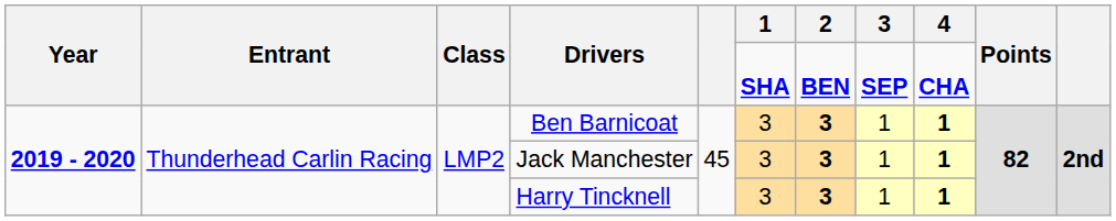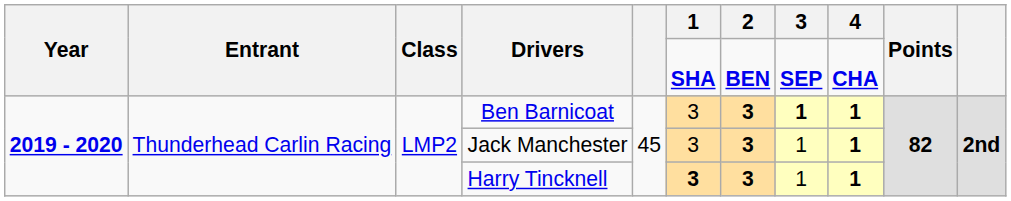 <table class="wikitable" style="text-align:center; font-size:90%">
 <tr>
 <th rowspan="2">Year</th>
 <th rowspan="2">Entrant</th>
 <th rowspan="2">Class</th>
 <th rowspan="2">Drivers</th>
 <th rowspan="2"></th>
 <th>1</th>
 <th>2</th>
 <th>3</th>
 <th>4</th>
 <th rowspan="2">Points</th>
 <th rowspan="2"></th>
 </tr>
 <tr>
 <td><strong></strong><br><strong><a href='#'>SHA</a></strong></td>
 <td><strong></strong><br><strong><a href='#'>BEN</a></strong></td>
 <td><strong></strong><br><strong><a href='#'>SEP</a></strong></td>
 <td><strong></strong><br><strong><a href='#'>CHA</a></strong></td>
 </tr>
 <tr>
 <td rowspan="3"><a href='#'><strong>2019 - 2020</strong></a></td>
 <td rowspan="3"> <a href='#'>Thunderhead Carlin Racing</a></td>
 <td rowspan="3"><a href='#'>LMP2</a></td>
 <td> <a href='#'>Ben Barnicoat</a></td>
 <td rowspan="3">45</td>
 <td style="background:#FFDF9F;">3</td>
 <td style="background:#FFDF9F;"><strong>3</strong></td>
-<td style="background:#FFFFBF;">1</td>
+<td style="background:#FFFFBF;"><strong>1</strong></td>
 <td style="background:#FFFFBF;"><strong>1</strong></td>
 <td rowspan="3" style="background:#DFDFDF;"><strong>82</strong></td>
 <td rowspan="3" style="background:#DFDFDF;"><strong>2nd</strong></td>
 </tr>
 <tr>
 <td align=left> Jack Manchester</td>
 <td style="background:#FFDF9F;">3</td>
 <td style="background:#FFDF9F;"><strong>3</strong></td>
 <td style="background:#FFFFBF;">1</td>
 <td style="background:#FFFFBF;"><strong>1</strong></td>
 </tr>
 <tr>
 <td align=left> <a href='#'>Harry Tincknell</a></td>
-<td style="background:#FFDF9F;">3</td>
+<td style="background:#FFDF9F;"><strong>3</strong></td>
 <td style="background:#FFDF9F;"><strong>3</strong></td>
 <td style="background:#FFFFBF;">1</td>
 <td style="background:#FFFFBF;"><strong>1</strong></td>
 </tr>
 </table>
